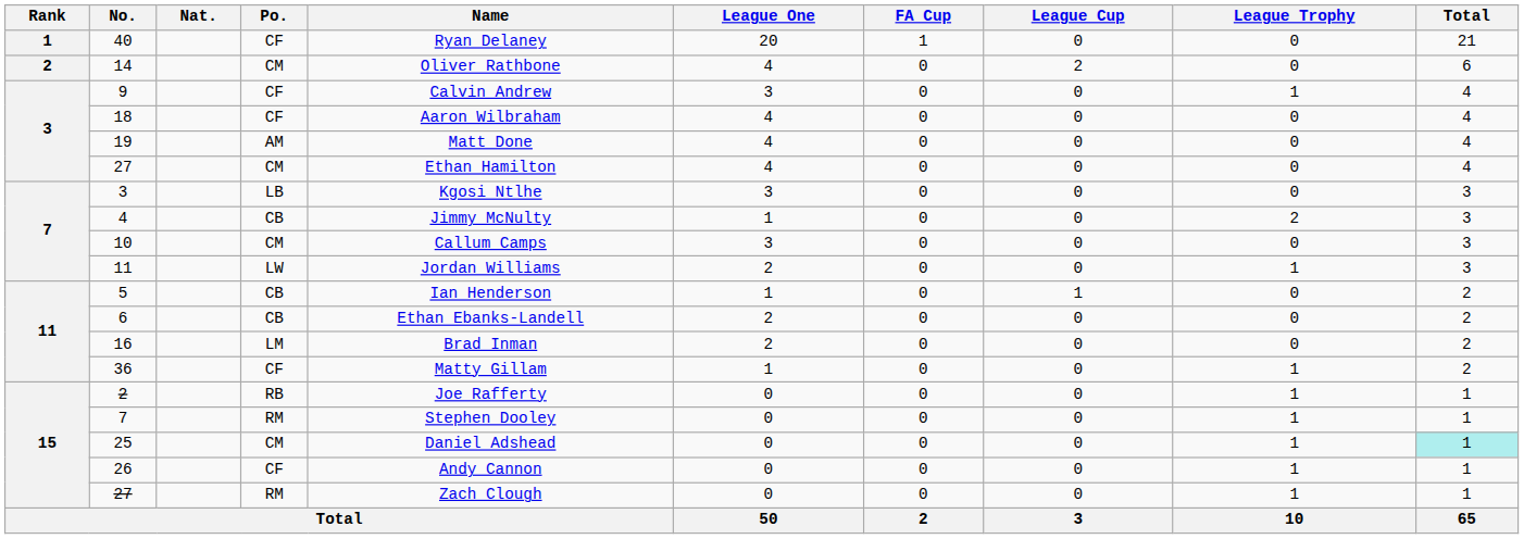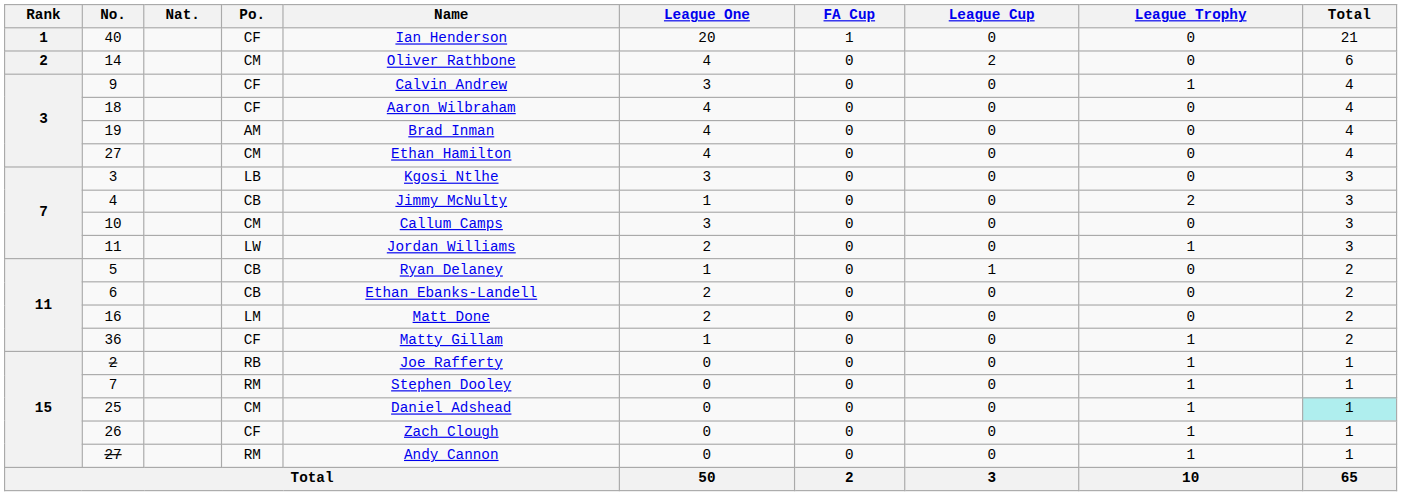 <table class="wikitable" style="text-align:center; font-size:95%; width:95%;">
 <tr>
 <th>Rank</th>
 <th>No.</th>
 <th>Nat.</th>
 <th>Po.</th>
 <th>Name</th>
 <th><a href='#'>League One</a></th>
 <th><a href='#'>FA Cup</a></th>
 <th><a href='#'>League Cup</a></th>
 <th><a href='#'>League Trophy</a></th>
 <th>Total</th>
 </tr>
 <tr>
 <th rowspan=1>1</th>
 <td>40</td>
 <td></td>
 <td>CF</td>
-<td><a href='#'>Ryan Delaney</a></td>
+<td><a href='#'>Ian Henderson</a></td>
 <td>20</td>
 <td>1</td>
 <td>0</td>
 <td>0</td>
 <td>21</td>
 </tr>
 <tr>
 <th rowspan=1>2</th>
 <td>14</td>
 <td></td>
 <td>CM</td>
 <td><a href='#'>Oliver Rathbone</a></td>
 <td>4</td>
 <td>0</td>
 <td>2</td>
 <td>0</td>
 <td>6</td>
 </tr>
 <tr>
 <th rowspan=4>3</th>
 <td>9</td>
 <td></td>
 <td>CF</td>
 <td><a href='#'>Calvin Andrew</a></td>
 <td>3</td>
 <td>0</td>
 <td>0</td>
 <td>1</td>
 <td>4</td>
 </tr>
 <tr>
 <td>18</td>
 <td></td>
 <td>CF</td>
 <td><a href='#'>Aaron Wilbraham</a></td>
 <td>4</td>
 <td>0</td>
 <td>0</td>
 <td>0</td>
 <td>4</td>
 </tr>
 <tr>
 <td>19</td>
 <td></td>
 <td>AM</td>
-<td><a href='#'>Matt Done</a></td>
+<td><a href='#'>Brad Inman</a></td>
 <td>4</td>
 <td>0</td>
 <td>0</td>
 <td>0</td>
 <td>4</td>
 </tr>
 <tr>
 <td>27</td>
 <td></td>
 <td>CM</td>
 <td><a href='#'>Ethan Hamilton</a></td>
 <td>4</td>
 <td>0</td>
 <td>0</td>
 <td>0</td>
 <td>4</td>
 </tr>
 <tr>
 <th rowspan=4>7</th>
 <td>3</td>
 <td></td>
 <td>LB</td>
 <td><a href='#'>Kgosi Ntlhe</a></td>
 <td>3</td>
 <td>0</td>
 <td>0</td>
 <td>0</td>
 <td>3</td>
 </tr>
 <tr>
 <td>4</td>
 <td></td>
 <td>CB</td>
 <td><a href='#'>Jimmy McNulty</a></td>
 <td>1</td>
 <td>0</td>
 <td>0</td>
 <td>2</td>
 <td>3</td>
 </tr>
 <tr>
 <td>10</td>
 <td></td>
 <td>CM</td>
 <td><a href='#'>Callum Camps</a></td>
 <td>3</td>
 <td>0</td>
 <td>0</td>
 <td>0</td>
 <td>3</td>
 </tr>
 <tr>
 <td>11</td>
 <td></td>
 <td>LW</td>
 <td><a href='#'>Jordan Williams</a></td>
 <td>2</td>
 <td>0</td>
 <td>0</td>
 <td>1</td>
 <td>3</td>
 </tr>
 <tr>
 <th rowspan=4>11</th>
 <td>5</td>
 <td></td>
 <td>CB</td>
-<td><a href='#'>Ian Henderson</a></td>
+<td><a href='#'>Ryan Delaney</a></td>
 <td>1</td>
 <td>0</td>
 <td>1</td>
 <td>0</td>
 <td>2</td>
 </tr>
 <tr>
 <td>6</td>
 <td></td>
 <td>CB</td>
 <td><a href='#'>Ethan Ebanks-Landell</a></td>
 <td>2</td>
 <td>0</td>
 <td>0</td>
 <td>0</td>
 <td>2</td>
 </tr>
 <tr>
 <td>16</td>
 <td></td>
 <td>LM</td>
-<td><a href='#'>Brad Inman</a></td>
+<td><a href='#'>Matt Done</a></td>
 <td>2</td>
 <td>0</td>
 <td>0</td>
 <td>0</td>
 <td>2</td>
 </tr>
 <tr>
 <td>36</td>
 <td></td>
 <td>CF</td>
 <td><a href='#'>Matty Gillam</a></td>
 <td>1</td>
 <td>0</td>
 <td>0</td>
 <td>1</td>
 <td>2</td>
 </tr>
 <tr>
 <th rowspan=5>15</th>
 <td><s>2</s></td>
 <td></td>
 <td>RB</td>
 <td><a href='#'>Joe Rafferty</a></td>
 <td>0</td>
 <td>0</td>
 <td>0</td>
 <td>1</td>
 <td>1</td>
 </tr>
 <tr>
 <td>7</td>
 <td></td>
 <td>RM</td>
 <td><a href='#'>Stephen Dooley</a></td>
 <td>0</td>
 <td>0</td>
 <td>0</td>
 <td>1</td>
 <td>1</td>
 </tr>
 <tr>
 <td>25</td>
 <td></td>
 <td>CM</td>
 <td><a href='#'>Daniel Adshead</a></td>
 <td>0</td>
 <td>0</td>
 <td>0</td>
 <td>1</td>
 <td style="background: paleturquoise;">1</td>
 </tr>
 <tr>
 <td>26</td>
 <td></td>
 <td>CF</td>
-<td><a href='#'>Andy Cannon</a></td>
+<td><a href='#'>Zach Clough</a></td>
 <td>0</td>
 <td>0</td>
 <td>0</td>
 <td>1</td>
 <td>1</td>
 </tr>
 <tr>
 <td><s>27</s></td>
 <td></td>
 <td>RM</td>
-<td><a href='#'>Zach Clough</a></td>
+<td><a href='#'>Andy Cannon</a></td>
 <td>0</td>
 <td>0</td>
 <td>0</td>
 <td>1</td>
 <td>1</td>
 </tr>
 <tr>
 <th colspan=5>Total</th>
 <th>50</th>
 <th>2</th>
 <th>3</th>
 <th>10</th>
 <th>65</th>
 </tr>
 </table>
